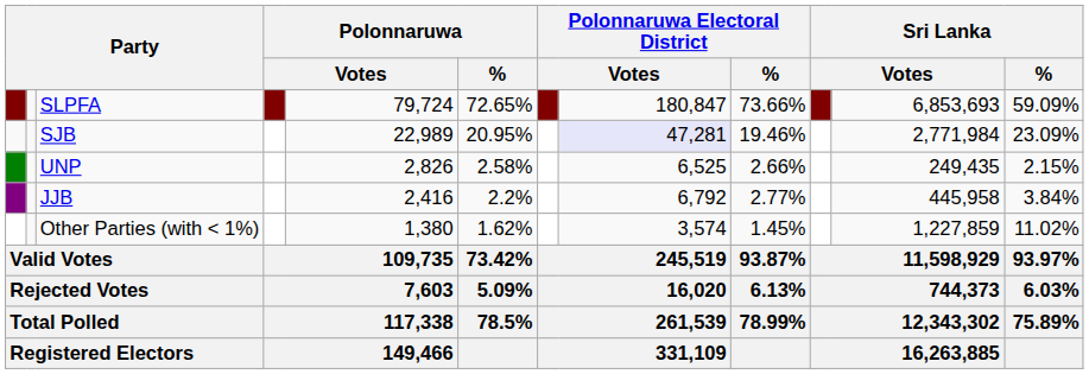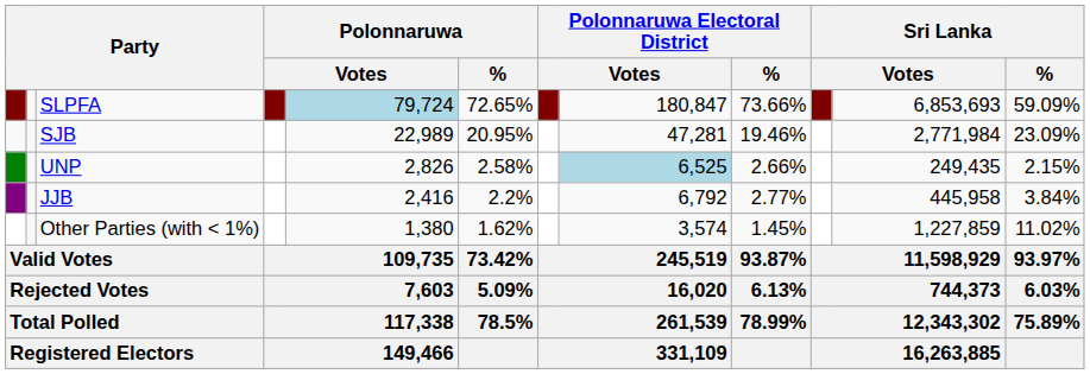 <table class="wikitable">
 <tr>
 <th colspan="3" width="144px"rowspan="2">Party</th>
 <th colspan="3" width="216px">Polonnaruwa</th>
 <th colspan="3" width="216px"><a href='#'>Polonnaruwa Electoral District</a></th>
 <th colspan="3" width="216px">Sri Lanka</th>
 </tr>
 <tr>
 <th colspan="2" width="144px">Votes</th>
 <th>%</th>
 <th colspan="2" width="144px">Votes</th>
 <th>%</th>
 <th colspan="2" width="144px">Votes</th>
 <th>%</th>
 </tr>
 <tr>
 <td style="background-color:maroon;" width="10px"></td>
 <td></td>
 <td style="text-align:left;"><a href='#'>SLPFA</a></td>
 <td style="background-color:maroon;" width="10px"></td>
-<td style="text-align:right;">79,724</td>
+<td style="background: lightblue; text-align:right;">79,724</td>
 <td style="text-align:right;">72.65%</td>
 <td style="background-color:maroon;" width="10px"></td>
 <td style="text-align:right;">180,847</td>
 <td style="text-align:right;">73.66%</td>
 <td style="background-color:maroon;" width="10px"></td>
 <td style="text-align:right;">6,853,693</td>
 <td style="text-align:right;">59.09%</td>
 </tr>
 <tr>
 <td style="background-color:"></td>
 <td></td>
 <td style="text-align:left;"><a href='#'>SJB</a></td>
 <td style="background-color:white;" width="10px"></td>
 <td style="text-align:right;">22,989</td>
 <td style="text-align:right;">20.95%</td>
 <td style="background-color:white;" width="10px"></td>
-<td style="background: lavender; text-align:right;">47,281</td>
+<td style="text-align:right;">47,281</td>
 <td style="text-align:right;">19.46%</td>
 <td style="background-color:white;" width="10px"></td>
 <td style="text-align:right;">2,771,984</td>
 <td style="text-align:right;">23.09%</td>
 </tr>
 <tr>
 <td style="background-color:Green;" width="10px"></td>
 <td></td>
 <td style="text-align:left;"><a href='#'>UNP</a></td>
 <td style="background-color:white;" width="10px"></td>
 <td style="text-align:right;">2,826</td>
 <td style="text-align:right;">2.58%</td>
 <td style="background-color:white;" width="10px"></td>
-<td style="text-align:right;">6,525</td>
+<td style="background: lightblue; text-align:right;">6,525</td>
 <td style="text-align:right;">2.66%</td>
 <td style="background-color:white;" width="10px"></td>
 <td style="text-align:right;">249,435</td>
 <td style="text-align:right;">2.15%</td>
 </tr>
 <tr>
 <td style="background-color:purple;" width="10px"></td>
 <td></td>
 <td style="text-align:left;"><a href='#'>JJB</a></td>
 <td style="background-color:white;" width="10px"></td>
 <td style="text-align:right;">2,416</td>
 <td style="text-align:right;">2.2%</td>
 <td style="background-color:white;" width="10px"></td>
 <td style="text-align:right;">6,792</td>
 <td style="text-align:right;">2.77%</td>
 <td style="background-color:white;" width="10px"></td>
 <td style="text-align:right;">445,958</td>
 <td style="text-align:right;">3.84%</td>
 </tr>
 <tr>
 <td style="background-color:white;" width="10px"></td>
 <td></td>
 <td style="text-align:left;">Other Parties (with < 1%)</td>
 <td style="background-color:white;" width="10px"></td>
 <td style="text-align:right;">1,380</td>
 <td style="text-align:right;">1.62%</td>
 <td style="background-color:white;" width="10px"></td>
 <td style="text-align:right;">3,574</td>
 <td style="text-align:right;">1.45%</td>
 <td style="background-color:white;" width="10px"></td>
 <td style="text-align:right;">1,227,859</td>
 <td style="text-align:right;">11.02%</td>
 </tr>
 <tr>
 <th colspan="3" width="144px"style="text-align:left;">Valid Votes</th>
 <th style="text-align:right;"colspan="2" width="144px">109,735</th>
 <th style="text-align:right;">73.42%</th>
 <th style="text-align:right;"colspan="2" width="144px">245,519</th>
 <th style="text-align:right;">93.87%</th>
 <th style="text-align:right;"colspan="2" width="144px">11,598,929</th>
 <th style="text-align:right;">93.97%</th>
 </tr>
 <tr>
 <th colspan="3" width="144px"style="text-align:left;">Rejected Votes</th>
 <th style="text-align:right;"colspan="2" width="144px">7,603</th>
 <th style="text-align:right;">5.09%</th>
 <th style="text-align:right;"colspan="2" width="144px">16,020</th>
 <th style="text-align:right;">6.13%</th>
 <th style="text-align:right;"colspan="2" width="144px">744,373</th>
 <th style="text-align:right;">6.03%</th>
 </tr>
 <tr>
 <th colspan="3" width="144px"style="text-align:left;">Total Polled</th>
 <th style="text-align:right;"colspan="2" width="144px">117,338</th>
 <th style="text-align:right;">78.5%</th>
 <th style="text-align:right;"colspan="2" width="144px">261,539</th>
 <th style="text-align:right;">78.99%</th>
 <th style="text-align:right;"colspan="2" width="144px">12,343,302</th>
 <th style="text-align:right;">75.89%</th>
 </tr>
 <tr>
 <th colspan="3" width="144px"style="text-align:left;">Registered Electors</th>
 <th style="text-align:right;"colspan="2" width="144px">149,466</th>
 <th></th>
 <th style="text-align:right;"colspan="2" width="144px">331,109</th>
 <th></th>
 <th style="text-align:right;"colspan="2" width="144px">16,263,885</th>
 <th></th>
 </tr>
 </table>
